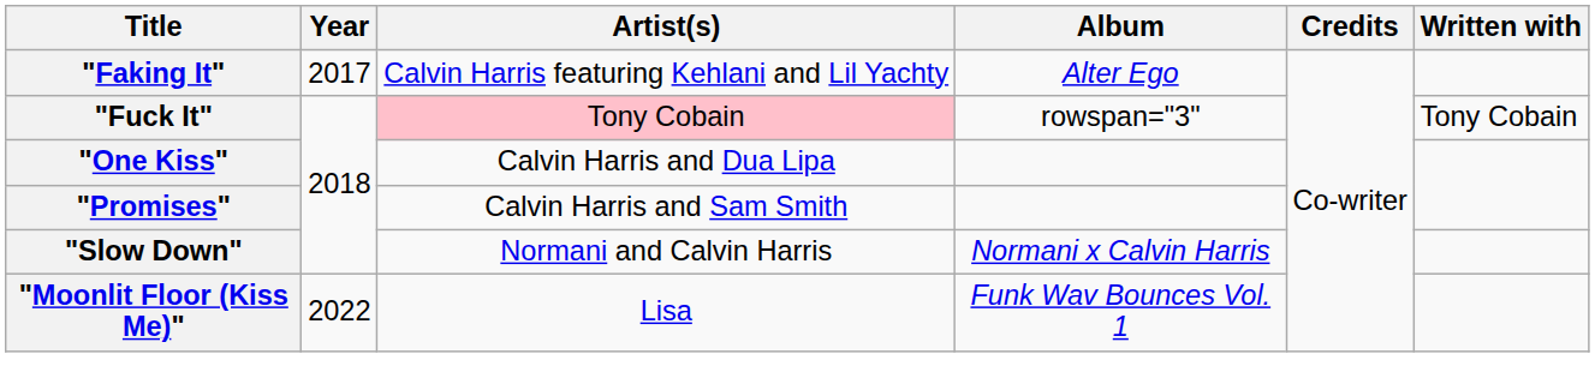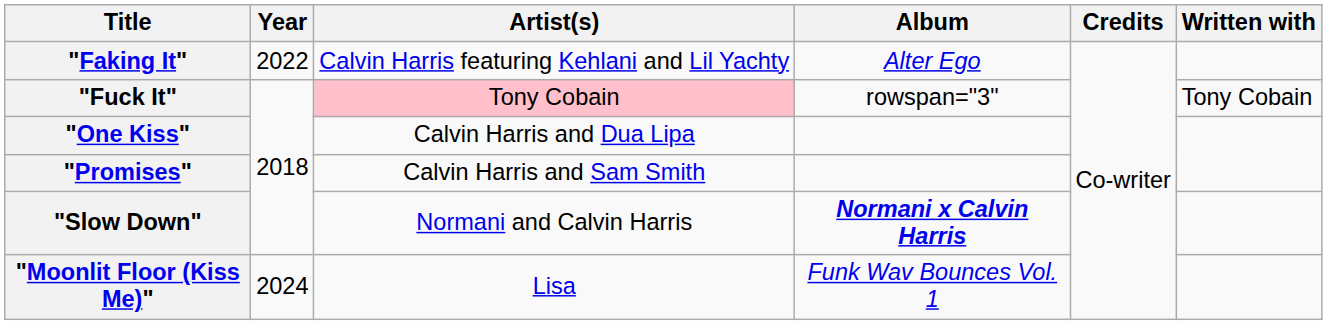 <table class="wikitable plainrowheaders" style="text-align:center;">
 <tr>
 <th scope="col" style="width:160px;">Title</th>
 <th scope="col">Year</th>
 <th scope="col">Artist(s)</th>
 <th scope="col" style="width:180px;">Album</th>
 <th scope="col">Credits</th>
 <th scope="col">Written with</th>
 </tr>
 <tr>
 <th scope="row">"<a href='#'>Faking It</a>"</th>
-<td>2017</td>
+<td>2022</td>
 <td><a href='#'>Calvin Harris</a> featuring <a href='#'>Kehlani</a> and <a href='#'>Lil Yachty</a></td>
 <td><em><a href='#'>Alter Ego</a></em></td>
 <td rowspan="6">Co-writer</td>
 <td></td>
 </tr>
 <tr>
 <th scope="row">"Fuck It"</th>
 <td rowspan="4">2018</td>
 <td style="background: pink;">Tony Cobain</td>
 <td>rowspan="3" </td>
 <td align="left">Tony Cobain</td>
 </tr>
 <tr>
 <th scope="row">"<a href='#'>One Kiss</a>"</th>
 <td>Calvin Harris and <a href='#'>Dua Lipa</a></td>
 <td></td>
 </tr>
 <tr>
 <th scope="row">"<a href='#'>Promises</a>"</th>
 <td>Calvin Harris and <a href='#'>Sam Smith</a></td>
 <td></td>
 </tr>
 <tr>
 <th scope="row">"Slow Down"</th>
 <td><a href='#'>Normani</a> and Calvin Harris</td>
-<td><em><a href='#'>Normani x Calvin Harris</a></em></td>
+<td><strong><em><a href='#'>Normani x Calvin Harris</a></em></strong></td>
 <td></td>
 </tr>
 <tr>
 <th scope="row">"<a href='#'>Moonlit Floor (Kiss Me)</a>"</th>
-<td>2022</td>
+<td>2024</td>
 <td><a href='#'>Lisa</a></td>
 <td><em><a href='#'>Funk Wav Bounces Vol. 1</a></em></td>
 <td></td>
 </tr>
 </table>
